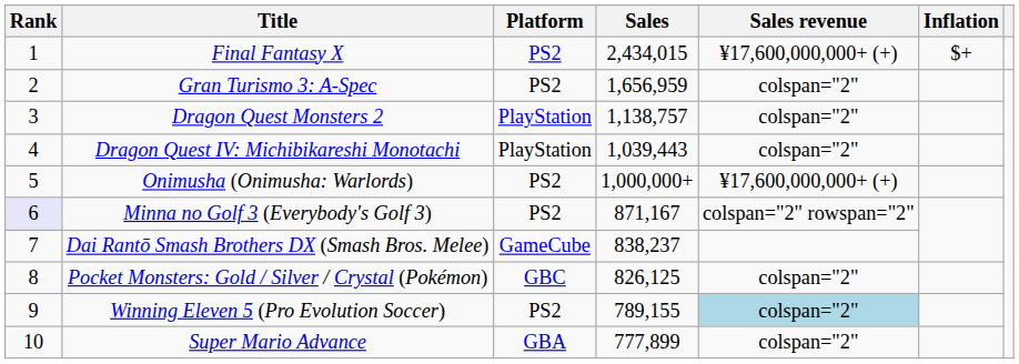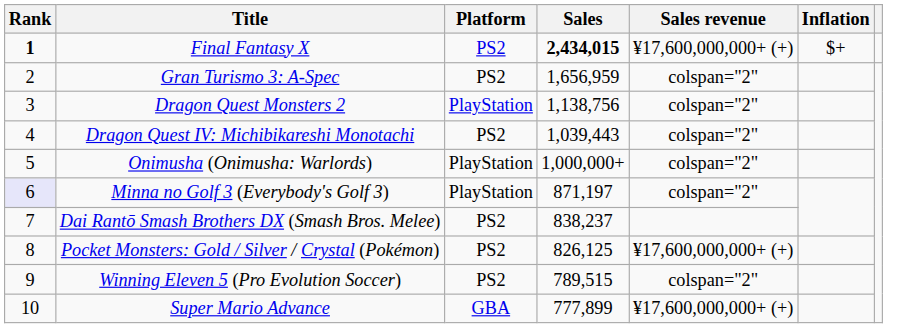 <table class="wikitable sortable" style="text-align:center">
 <tr>
 <th>Rank</th>
 <th>Title</th>
 <th>Platform</th>
 <th>Sales</th>
 <th>Sales revenue</th>
 <th>Inflation</th>
 <th class="unsortable"></th>
 </tr>
 <tr>
-<td>1</td>
+<td><strong>1</strong></td>
 <td><em><a href='#'>Final Fantasy X</a></em></td>
 <td><a href='#'>PS2</a></td>
-<td>2,434,015</td>
+<td><strong>2,434,015</strong></td>
 <td>¥17,600,000,000+ (+)</td>
 <td>$+</td>
 <td></td>
 </tr>
 <tr>
 <td>2</td>
 <td><em><a href='#'>Gran Turismo 3: A-Spec</a></em></td>
 <td>PS2</td>
 <td>1,656,959</td>
 <td>colspan="2" </td>
 <td></td>
 </tr>
 <tr>
 <td>3</td>
 <td><em><a href='#'>Dragon Quest Monsters 2</a></em></td>
 <td><a href='#'>PlayStation</a></td>
-<td>1,138,757</td>
+<td>1,138,756</td>
 <td>colspan="2" </td>
 <td></td>
 </tr>
 <tr>
 <td>4</td>
 <td><em><a href='#'>Dragon Quest IV: Michibikareshi Monotachi</a></em></td>
-<td>PlayStation</td>
+<td>PS2</td>
 <td>1,039,443</td>
 <td>colspan="2" </td>
 <td></td>
 </tr>
 <tr>
 <td>5</td>
 <td><a href='#'><em>Onimusha</em></a> (<em>Onimusha: Warlords</em>)</td>
-<td>PS2</td>
+<td>PlayStation</td>
 <td>1,000,000+</td>
-<td>¥17,600,000,000+ (+)</td>
+<td>colspan="2" </td>
 <td></td>
 </tr>
 <tr>
 <td style="background: lavender;">6</td>
 <td><em><a href='#'>Minna no Golf 3</a></em> (<em>Everybody's Golf 3</em>)</td>
-<td>PS2</td>
-<td>871,167</td>
-<td>colspan="2" rowspan="2" </td>
+<td>PlayStation</td>
+<td>871,197</td>
+<td>colspan="2" </td>
 <td rowspan="2"></td>
 </tr>
 <tr>
 <td>7</td>
 <td><em><a href='#'>Dai Rantō Smash Brothers DX</a></em> (<em>Smash Bros. Melee</em>)</td>
-<td><a href='#'>GameCube</a></td>
+<td>PS2</td>
 <td>838,237</td>
 </tr>
 <tr>
 <td>8</td>
 <td><em><a href='#'>Pocket Monsters: Gold / Silver</a> / <a href='#'>Crystal</a></em> (<em>Pokémon</em>)</td>
-<td><a href='#'>GBC</a></td>
+<td>PS2</td>
 <td>826,125</td>
-<td>colspan="2" </td>
+<td>¥17,600,000,000+ (+)</td>
 <td></td>
 </tr>
 <tr>
 <td>9</td>
 <td><em><a href='#'>Winning Eleven 5</a></em> (<em>Pro Evolution Soccer</em>)</td>
 <td>PS2</td>
-<td>789,155</td>
-<td style="background: lightblue;">colspan="2" </td>
+<td>789,515</td>
+<td>colspan="2" </td>
 <td></td>
 </tr>
 <tr>
 <td>10</td>
 <td><em><a href='#'>Super Mario Advance</a></em></td>
 <td><a href='#'>GBA</a></td>
 <td>777,899</td>
-<td>colspan="2" </td>
+<td>¥17,600,000,000+ (+)</td>
 <td></td>
 </tr>
 </table>
